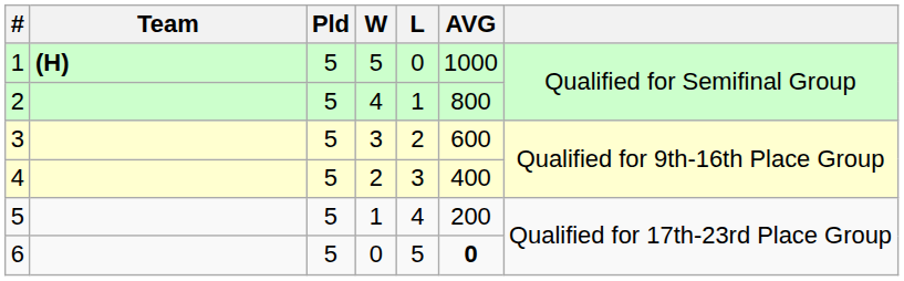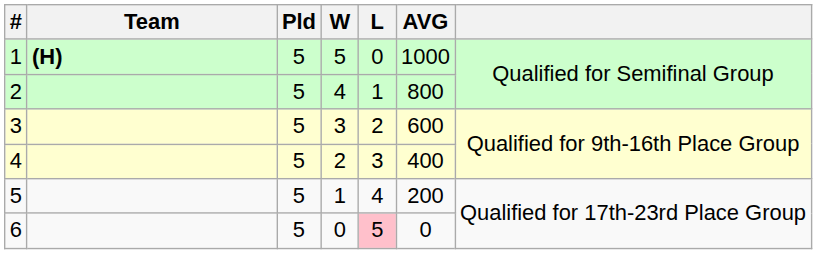 <table class="wikitable" style="text-align:center;">
 <tr>
 <th>#</th>
 <th width=175>Team</th>
 <th width=20 abbr="Played">Pld</th>
 <th width=20 abbr="Won">W</th>
 <th width=20 abbr="Lost">L</th>
 <th width=30 abbr="Average">AVG</th>
 <th></th>
 </tr>
 <tr style="background:#ccffcc">
 <td>1</td>
 <td align=left> <strong>(H)</strong></td>
 <td>5</td>
 <td>5</td>
 <td>0</td>
 <td>1000</td>
 <td rowspan="2">Qualified for Semifinal Group</td>
 </tr>
 <tr style="background:#ccffcc">
 <td>2</td>
 <td align=left></td>
 <td>5</td>
 <td>4</td>
 <td>1</td>
 <td>800</td>
 </tr>
 <tr style="background:#ffffd0">
 <td>3</td>
 <td align=left></td>
 <td>5</td>
 <td>3</td>
 <td>2</td>
 <td>600</td>
 <td rowspan="2">Qualified for 9th-16th Place Group</td>
 </tr>
 <tr style="background:#ffffd0">
 <td>4</td>
 <td align=left></td>
 <td>5</td>
 <td>2</td>
 <td>3</td>
 <td>400</td>
 </tr>
 <tr>
 <td>5</td>
 <td align=left></td>
 <td>5</td>
 <td>1</td>
 <td>4</td>
 <td>200</td>
 <td rowspan="2">Qualified for 17th-23rd Place Group</td>
 </tr>
 <tr>
 <td>6</td>
 <td align=left></td>
 <td>5</td>
 <td>0</td>
-<td>5</td>
-<td><strong>0</strong></td>
+<td style="background: pink;">5</td>
+<td>0</td>
 </tr>
 </table>
